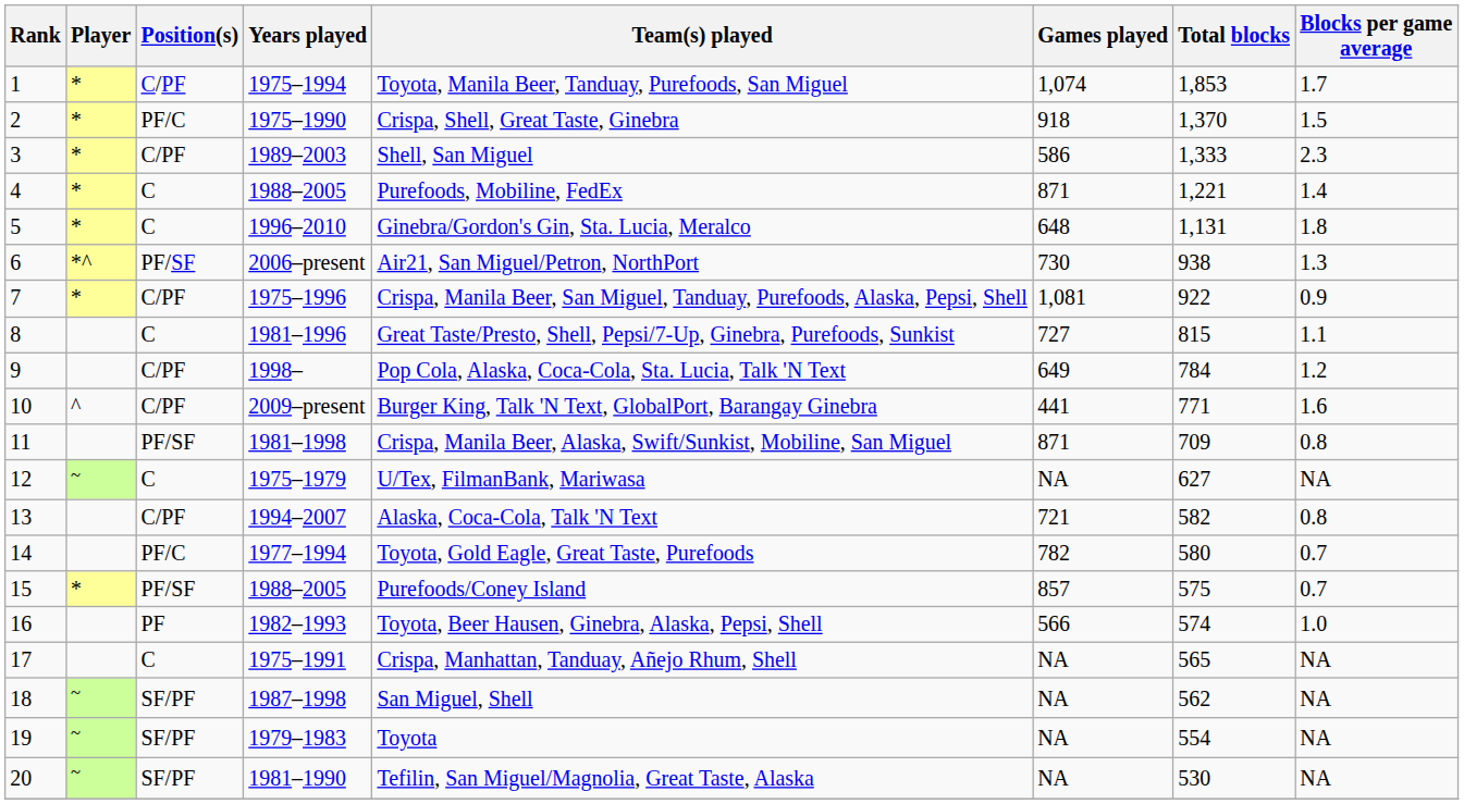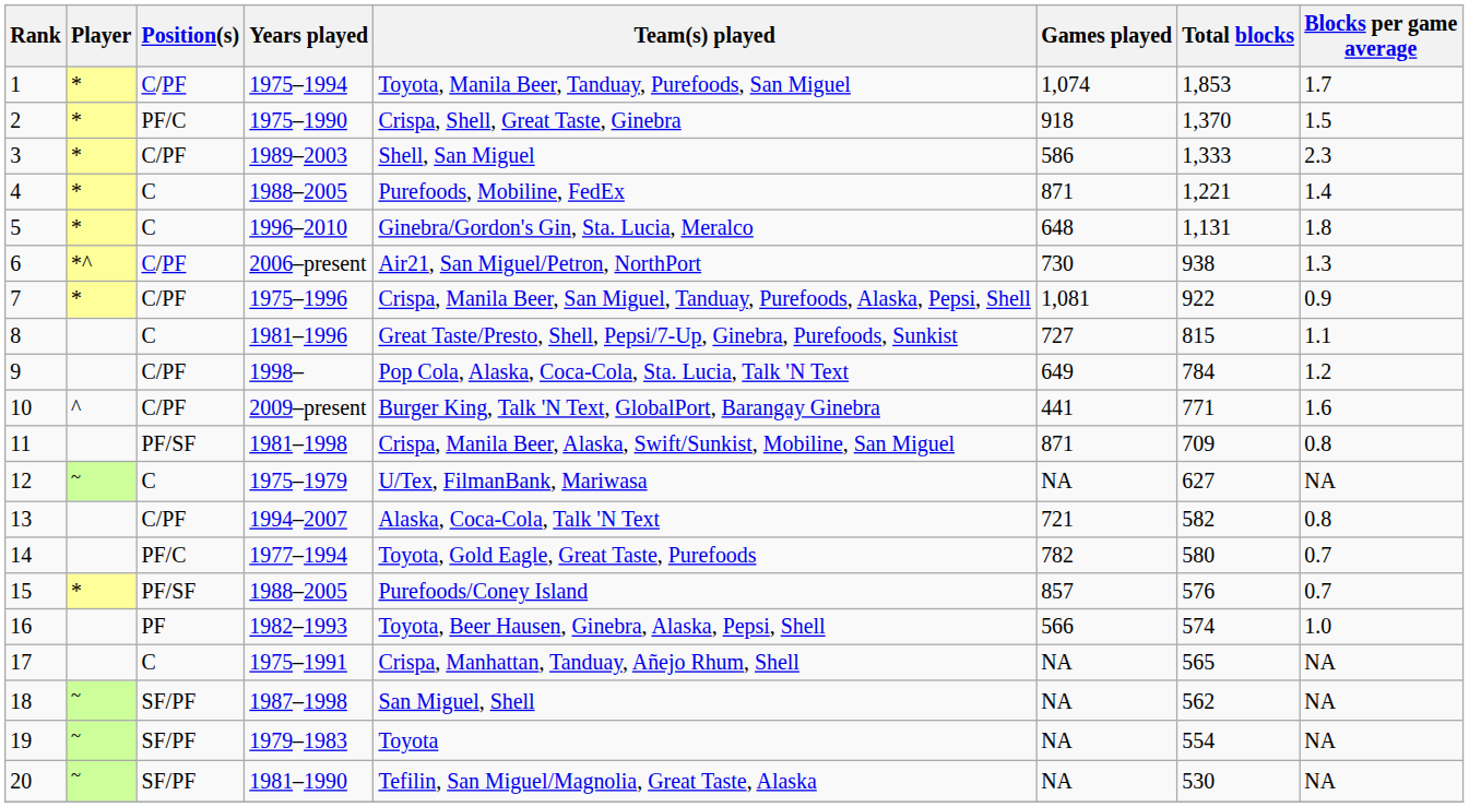 <table class="wikitable sortable" style="font-size: 95%;">
 <tr>
 <th>Rank</th>
 <th>Player</th>
 <th><a href='#'>Position</a>(s)</th>
 <th>Years played</th>
 <th class="unsortable">Team(s) played</th>
 <th>Games played</th>
 <th>Total <a href='#'>blocks</a></th>
 <th><a href='#'>Blocks</a> per game<br><a href='#'>average</a></th>
 </tr>
 <tr>
 <td>1</td>
 <td bgcolor="#FFFF99">*</td>
 <td><a href='#'>C</a>/<a href='#'>PF</a></td>
 <td><a href='#'>1975</a>–<a href='#'>1994</a></td>
 <td><a href='#'>Toyota</a>, <a href='#'>Manila Beer</a>, <a href='#'>Tanduay</a>, <a href='#'>Purefoods</a>, <a href='#'>San Miguel</a></td>
 <td>1,074</td>
 <td>1,853</td>
 <td>1.7</td>
 </tr>
 <tr>
 <td>2</td>
 <td bgcolor="#FFFF99">*</td>
 <td>PF/C</td>
 <td><a href='#'>1975</a>–<a href='#'>1990</a></td>
 <td><a href='#'>Crispa</a>, <a href='#'>Shell</a>, <a href='#'>Great Taste</a>, <a href='#'>Ginebra</a></td>
 <td>918</td>
 <td>1,370</td>
 <td>1.5</td>
 </tr>
 <tr>
 <td>3</td>
 <td bgcolor="#FFFF99">*</td>
 <td>C/PF</td>
 <td><a href='#'>1989</a>–<a href='#'>2003</a></td>
 <td><a href='#'>Shell</a>, <a href='#'>San Miguel</a></td>
 <td>586</td>
 <td>1,333</td>
 <td>2.3</td>
 </tr>
 <tr>
 <td>4</td>
 <td bgcolor="#FFFF99">*</td>
 <td>C</td>
 <td><a href='#'>1988</a>–<a href='#'>2005</a></td>
 <td><a href='#'>Purefoods</a>, <a href='#'>Mobiline</a>, <a href='#'>FedEx</a></td>
 <td>871</td>
 <td>1,221</td>
 <td>1.4</td>
 </tr>
 <tr>
 <td>5</td>
 <td style="background:#FFFF99">*</td>
 <td>C</td>
 <td><a href='#'>1996</a>–<a href='#'>2010</a></td>
 <td><a href='#'>Ginebra/Gordon's Gin</a>, <a href='#'>Sta. Lucia</a>, <a href='#'>Meralco</a></td>
 <td>648</td>
 <td>1,131</td>
 <td>1.8</td>
 </tr>
 <tr>
 <td>6</td>
 <td style="background:#FFFF99"><em></em>*^</td>
-<td>PF/<a href='#'>SF</a></td>
+<td><a href='#'>C</a>/<a href='#'>PF</a></td>
 <td><a href='#'>2006</a>–present</td>
 <td><a href='#'>Air21</a>, <a href='#'>San Miguel/Petron</a>, <a href='#'>NorthPort</a></td>
 <td>730</td>
 <td>938</td>
 <td>1.3</td>
 </tr>
 <tr>
 <td>7</td>
 <td bgcolor="#FFFF99">*</td>
 <td>C/PF</td>
 <td><a href='#'>1975</a>–<a href='#'>1996</a></td>
 <td><a href='#'>Crispa</a>, <a href='#'>Manila Beer</a>, <a href='#'>San Miguel</a>, <a href='#'>Tanduay</a>, <a href='#'>Purefoods</a>, <a href='#'>Alaska</a>, <a href='#'>Pepsi</a>, <a href='#'>Shell</a></td>
 <td>1,081</td>
 <td>922</td>
 <td>0.9</td>
 </tr>
 <tr>
 <td>8</td>
 <td></td>
 <td>C</td>
 <td><a href='#'>1981</a>–<a href='#'>1996</a></td>
 <td><a href='#'>Great Taste/Presto</a>, <a href='#'>Shell</a>, <a href='#'>Pepsi/7-Up</a>, <a href='#'>Ginebra</a>, <a href='#'>Purefoods</a>, <a href='#'>Sunkist</a></td>
 <td>727</td>
 <td>815</td>
 <td>1.1</td>
 </tr>
 <tr>
 <td>9</td>
 <td></td>
 <td>C/PF</td>
 <td><a href='#'>1998</a>–</td>
 <td><a href='#'>Pop Cola</a>, <a href='#'>Alaska</a>, <a href='#'>Coca-Cola</a>, <a href='#'>Sta. Lucia</a>, <a href='#'>Talk 'N Text</a></td>
 <td>649</td>
 <td>784</td>
 <td>1.2</td>
 </tr>
 <tr>
 <td>10</td>
 <td><em></em>^</td>
 <td>C/PF</td>
 <td><a href='#'>2009</a>–present</td>
 <td><a href='#'>Burger King</a>, <a href='#'>Talk 'N Text</a>, <a href='#'>GlobalPort</a>, <a href='#'>Barangay Ginebra</a></td>
 <td>441</td>
 <td>771</td>
 <td>1.6</td>
 </tr>
 <tr>
 <td>11</td>
 <td></td>
 <td>PF/SF</td>
 <td><a href='#'>1981</a>–<a href='#'>1998</a></td>
 <td><a href='#'>Crispa</a>, <a href='#'>Manila Beer</a>, <a href='#'>Alaska</a>, <a href='#'>Swift/Sunkist</a>, <a href='#'>Mobiline</a>, <a href='#'>San Miguel</a></td>
 <td>871</td>
 <td>709</td>
 <td>0.8</td>
 </tr>
 <tr>
 <td>12</td>
 <td bgcolor="#CCFF99"><sup>~</sup></td>
 <td>C</td>
 <td><a href='#'>1975</a>–<a href='#'>1979</a></td>
 <td><a href='#'>U/Tex</a>, <a href='#'>FilmanBank</a>, <a href='#'>Mariwasa</a></td>
 <td>NA</td>
 <td>627</td>
 <td>NA</td>
 </tr>
 <tr>
 <td>13</td>
 <td></td>
 <td>C/PF</td>
 <td><a href='#'>1994</a>–<a href='#'>2007</a></td>
 <td><a href='#'>Alaska</a>, <a href='#'>Coca-Cola</a>, <a href='#'>Talk 'N Text</a></td>
 <td>721</td>
 <td>582</td>
 <td>0.8</td>
 </tr>
 <tr>
 <td>14</td>
 <td></td>
 <td>PF/C</td>
 <td><a href='#'>1977</a>–<a href='#'>1994</a></td>
 <td><a href='#'>Toyota</a>, <a href='#'>Gold Eagle</a>, <a href='#'>Great Taste</a>, <a href='#'>Purefoods</a></td>
 <td>782</td>
 <td>580</td>
 <td>0.7</td>
 </tr>
 <tr>
 <td>15</td>
 <td bgcolor="#FFFF99">*</td>
 <td>PF/SF</td>
 <td><a href='#'>1988</a>–<a href='#'>2005</a></td>
 <td><a href='#'>Purefoods/Coney Island</a></td>
 <td>857</td>
-<td>575</td>
+<td>576</td>
 <td>0.7</td>
 </tr>
 <tr>
 <td>16</td>
 <td></td>
 <td>PF</td>
 <td><a href='#'>1982</a>–<a href='#'>1993</a></td>
 <td><a href='#'>Toyota</a>, <a href='#'>Beer Hausen</a>, <a href='#'>Ginebra</a>, <a href='#'>Alaska</a>, <a href='#'>Pepsi</a>, <a href='#'>Shell</a></td>
 <td>566</td>
 <td>574</td>
 <td>1.0</td>
 </tr>
 <tr>
 <td>17</td>
 <td></td>
 <td>C</td>
 <td><a href='#'>1975</a>–<a href='#'>1991</a></td>
 <td><a href='#'>Crispa</a>, <a href='#'>Manhattan</a>, <a href='#'>Tanduay</a>, <a href='#'>Añejo Rhum</a>, <a href='#'>Shell</a></td>
 <td>NA</td>
 <td>565</td>
 <td>NA</td>
 </tr>
 <tr>
 <td>18</td>
 <td bgcolor="#CCFF99"><sup>~</sup></td>
 <td>SF/PF</td>
 <td><a href='#'>1987</a>–<a href='#'>1998</a></td>
 <td><a href='#'>San Miguel</a>, <a href='#'>Shell</a></td>
 <td>NA</td>
 <td>562</td>
 <td>NA</td>
 </tr>
 <tr>
 <td>19</td>
 <td bgcolor="#CCFF99"><sup>~</sup></td>
 <td>SF/PF</td>
 <td><a href='#'>1979</a>–<a href='#'>1983</a></td>
 <td><a href='#'>Toyota</a></td>
 <td>NA</td>
 <td>554</td>
 <td>NA</td>
 </tr>
 <tr>
 <td>20</td>
 <td bgcolor="#CCFF99"><sup>~</sup></td>
 <td>SF/PF</td>
 <td><a href='#'>1981</a>–<a href='#'>1990</a></td>
 <td><a href='#'>Tefilin</a>, <a href='#'>San Miguel/Magnolia</a>, <a href='#'>Great Taste</a>, <a href='#'>Alaska</a></td>
 <td>NA</td>
 <td>530</td>
 <td>NA</td>
 </tr>
 <tr>
 </tr>
 </table>
